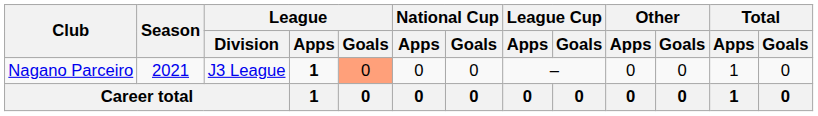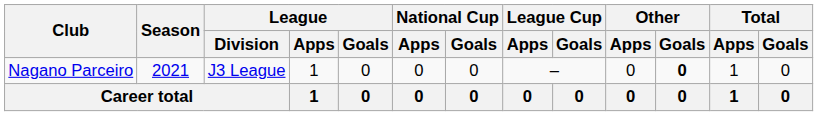 <table class="wikitable" style="text-align: center">
 <tr>
 <th rowspan="2">Club</th>
 <th rowspan="2">Season</th>
 <th colspan="3">League</th>
 <th colspan="2">National Cup</th>
 <th colspan="2">League Cup</th>
 <th colspan="2">Other</th>
 <th colspan="2">Total</th>
 </tr>
 <tr>
 <th>Division</th>
 <th>Apps</th>
 <th>Goals</th>
 <th>Apps</th>
 <th>Goals</th>
 <th>Apps</th>
 <th>Goals</th>
 <th>Apps</th>
 <th>Goals</th>
 <th>Apps</th>
 <th>Goals</th>
 </tr>
 <tr>
 <td><a href='#'>Nagano Parceiro</a></td>
 <td><a href='#'>2021</a></td>
 <td><a href='#'>J3 League</a></td>
-<td><strong>1</strong></td>
-<td style="background: lightsalmon;">0</td>
+<td>1</td>
+<td>0</td>
 <td>0</td>
 <td>0</td>
 <td colspan="2">–</td>
 <td>0</td>
-<td>0</td>
+<td><strong>0</strong></td>
 <td>1</td>
 <td>0</td>
 </tr>
 <tr>
 <th colspan=3>Career total</th>
 <th>1</th>
 <th>0</th>
 <th>0</th>
 <th>0</th>
 <th>0</th>
 <th>0</th>
 <th>0</th>
 <th>0</th>
 <th>1</th>
 <th>0</th>
 </tr>
 </table>
